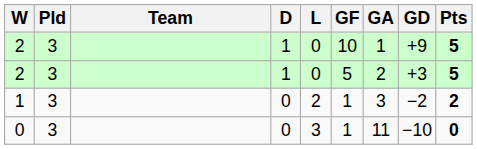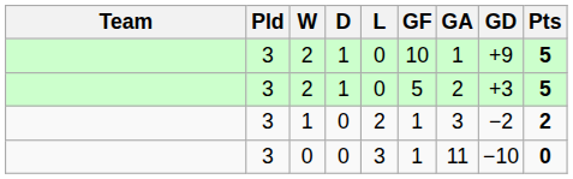 <table class="wikitable" style="text-align: center;">
 <tr>
+<th width=175>Team</th>
+<th width=20>Pld</th>
 <th width=20>W</th>
-<th width=20>Pld</th>
-<th width=175>Team</th>
 <th width=20>D</th>
 <th width=20>L</th>
 <th width=20>GF</th>
 <th width=20>GA</th>
 <th width=20>GD</th>
 <th width=20>Pts</th>
 </tr>
 <tr bgcolor=ccffcc>
+<td style="text-align:left;"></td>
+<td>3</td>
 <td>2</td>
-<td>3</td>
-<td style="text-align:left;"></td>
 <td>1</td>
 <td>0</td>
 <td>10</td>
 <td>1</td>
 <td>+9</td>
 <td><strong>5</strong></td>
 </tr>
 <tr bgcolor=ccffcc>
+<td style="text-align:left;"></td>
+<td>3</td>
 <td>2</td>
-<td>3</td>
-<td style="text-align:left;"></td>
 <td>1</td>
 <td>0</td>
 <td>5</td>
 <td>2</td>
 <td>+3</td>
 <td><strong>5</strong></td>
 </tr>
 <tr>
+<td style="text-align:left;"></td>
+<td>3</td>
 <td>1</td>
-<td>3</td>
-<td style="text-align:left;"></td>
 <td>0</td>
 <td>2</td>
 <td>1</td>
 <td>3</td>
 <td>−2</td>
 <td><strong>2</strong></td>
 </tr>
 <tr>
+<td style="text-align:left;"></td>
+<td>3</td>
 <td>0</td>
-<td>3</td>
-<td style="text-align:left;"></td>
 <td>0</td>
 <td>3</td>
 <td>1</td>
 <td>11</td>
 <td>−10</td>
 <td><strong>0</strong></td>
 </tr>
 </table>
